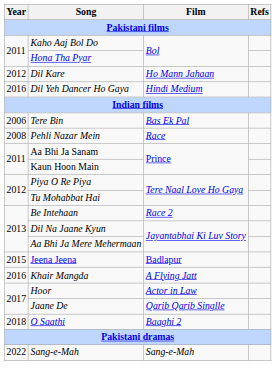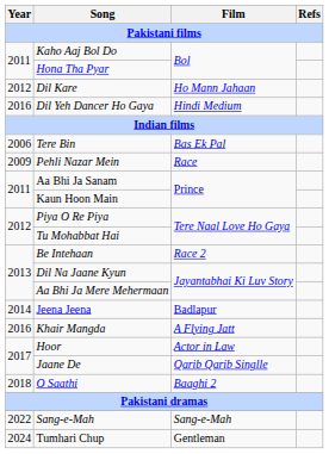 <table class="wikitable">
 <tr>
 <th>Year</th>
 <th>Song</th>
 <th>Film</th>
 <th>Refs</th>
 </tr>
 <tr>
 <th colspan="4" style="background:#BFD7FF;"><a href='#'>Pakistani films</a></th>
 </tr>
 <tr>
 <td rowspan="2">2011</td>
 <td><em>Kaho Aaj Bol Do</em></td>
 <td rowspan="2"><em><a href='#'>Bol</a></em></td>
 <td></td>
 </tr>
 <tr>
 <td><em><a href='#'>Hona Tha Pyar</a></em></td>
 <td></td>
 </tr>
 <tr>
 <td>2012</td>
 <td><em>Dil Kare</em></td>
 <td><em><a href='#'>Ho Mann Jahaan</a></em></td>
 <td></td>
 </tr>
 <tr>
 <td>2016</td>
 <td><em>Dil Yeh Dancer Ho Gaya</em></td>
 <td><em><a href='#'>Hindi Medium</a></em></td>
 <td></td>
 </tr>
 <tr>
 <th colspan="4" style="background:#BFD7FF;"><a href='#'>Indian films</a></th>
 </tr>
 <tr>
 <td>2006</td>
 <td><em>Tere Bin</em></td>
 <td><em><a href='#'>Bas Ek Pal</a></em></td>
 <td></td>
 </tr>
 <tr>
-<td>2008</td>
+<td>2009</td>
 <td><em>Pehli Nazar Mein</em></td>
 <td><em><a href='#'>Race</a></em></td>
 <td></td>
 </tr>
 <tr>
 <td rowspan="2">2011</td>
 <td>Aa Bhi Ja Sanam </td>
 <td rowspan="2"><a href='#'>Prince</a></td>
 <td></td>
 </tr>
 <tr>
 <td>Kaun Hoon Main</td>
 <td></td>
 </tr>
 <tr>
 <td rowspan="2">2012</td>
 <td><em>Piya O Re Piya</em></td>
 <td rowspan="2"><em><a href='#'>Tere Naal Love Ho Gaya</a></em></td>
 <td></td>
 </tr>
 <tr>
 <td><em>Tu Mohabbat Hai</em> </td>
 <td></td>
 </tr>
 <tr>
 <td rowspan="3">2013</td>
 <td><em>Be Intehaan</em></td>
 <td><em><a href='#'>Race 2</a></em></td>
 <td></td>
 </tr>
 <tr>
 <td><em>Dil Na Jaane Kyun</em></td>
 <td rowspan="2"><em><a href='#'>Jayantabhai Ki Luv Story</a></em></td>
 <td></td>
 </tr>
 <tr>
 <td><em>Aa Bhi Ja Mere Mehermaan</em></td>
 <td></td>
 </tr>
 <tr>
-<td>2015</td>
+<td>2014</td>
 <td><a href='#'>Jeena Jeena</a></td>
 <td><a href='#'>Badlapur</a></td>
 <td></td>
 </tr>
 <tr>
 <td>2016</td>
 <td><em>Khair Mangda</em></td>
 <td><em><a href='#'>A Flying Jatt</a></em></td>
 <td></td>
 </tr>
 <tr>
 <td rowspan="2">2017</td>
 <td><em>Hoor</em></td>
 <td><em><a href='#'>Actor in Law</a></em></td>
 <td></td>
 </tr>
 <tr>
 <td><em>Jaane De</em></td>
 <td><em><a href='#'>Qarib Qarib Singlle</a></em></td>
 <td></td>
 </tr>
 <tr>
 <td>2018</td>
 <td><em><a href='#'>O Saathi</a></em></td>
 <td><em><a href='#'>Baaghi 2</a></em></td>
 <td></td>
 </tr>
 <tr>
 <th colspan="4" style="background:#BFD7FF;"><a href='#'>Pakistani dramas</a></th>
 </tr>
 <tr>
 <td>2022</td>
 <td><em>Sang-e-Mah</em></td>
 <td><em>Sang-e-Mah</em></td>
 <td></td>
 </tr>
+<tr>
+<td>2024</td>
+<td>Tumhari Chup</td>
+<td>Gentleman</td>
+<td></td>
+</tr>
 </table>
